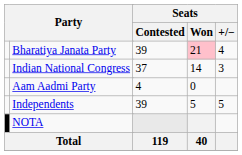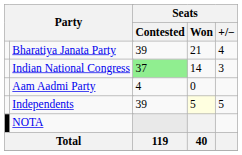 <table class="wikitable">
 <tr>
 <th colspan="4" rowspan="2">Party</th>
 <th colspan="3">Seats</th>
 </tr>
 <tr>
 <th>Contested</th>
 <th>Won</th>
 <th><strong>+/−</strong></th>
 </tr>
 <tr>
 <td></td>
 <td colspan="3"><a href='#'>Bharatiya Janata Party</a></td>
 <td>39</td>
-<td style="background: pink;">21</td>
+<td>21</td>
 <td>4</td>
 </tr>
 <tr>
 <td></td>
 <td colspan="3"><a href='#'>Indian National Congress</a></td>
-<td>37</td>
+<td style="background: lightgreen;">37</td>
 <td>14</td>
 <td>3</td>
 </tr>
 <tr>
 <td></td>
 <td colspan="3"><a href='#'>Aam Aadmi Party</a></td>
 <td>4</td>
 <td>0</td>
 <td></td>
 </tr>
 <tr>
 <td></td>
 <td colspan="3"><a href='#'>Independents</a></td>
 <td>39</td>
-<td>5</td>
+<td style="background: lightyellow;">5</td>
 <td>5</td>
 </tr>
 <tr>
 <td style="background:Black; color:White"></td>
 <td colspan="3"><a href='#'>NOTA</a></td>
 <th style="background-color:#E9E9E9"></th>
 <th></th>
 <td></td>
 </tr>
 <tr>
 <th colspan="4">Total</th>
 <th>119</th>
 <th>40</th>
 <th></th>
 </tr>
 <tr>
 </tr>
 </table>
